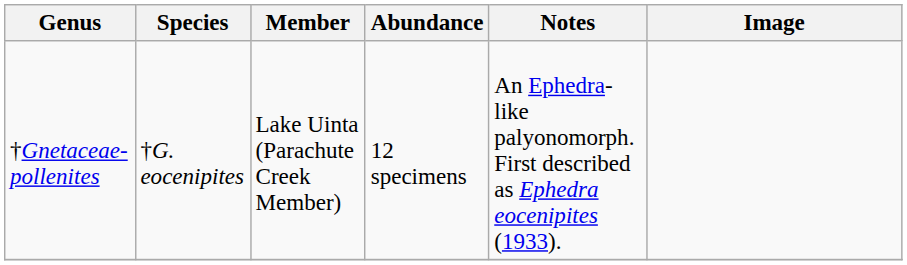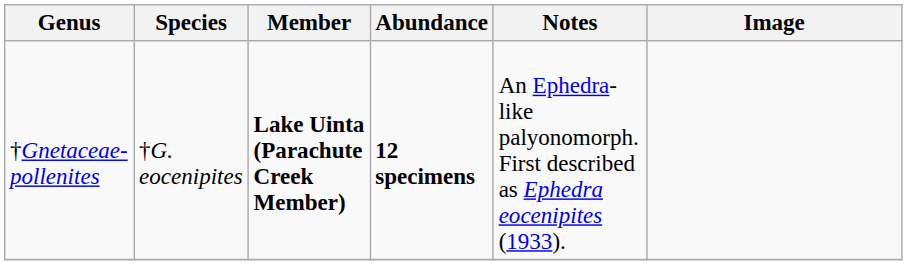 <table class="wikitable" style="margin:auto;width:100%;">
 <tr>
 <th>Genus</th>
 <th>Species</th>
 <th>Member</th>
 <th>Abundance</th>
 <th>Notes</th>
 <th width=170px>Image</th>
 </tr>
 <tr>
 <td><br>†<em><a href='#'>Gnetaceae-pollenites</a></em></td>
 <td><br>†<em>G. eocenipites</em> </td>
-<td><br>Lake Uinta (Parachute Creek Member)</td>
-<td><br>12 specimens</td>
+<td><strong><br>Lake Uinta (Parachute Creek Member)</strong></td>
+<td><strong><br>12 specimens</strong></td>
 <td><br>An <a href='#'>Ephedra</a>-like palyonomorph.<br>First described as <em><a href='#'>Ephedra eocenipites</a></em> (<a href='#'>1933</a>).</td>
 <td></td>
 </tr>
 <tr>
 </tr>
 </table>
